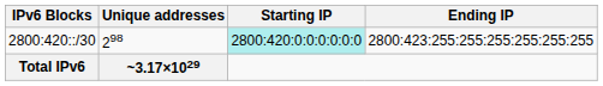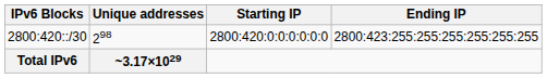 <table class="wikitable">
 <tr>
 <th>IPv6 Blocks</th>
 <th>Unique addresses</th>
 <th>Starting IP</th>
 <th>Ending IP</th>
 </tr>
 <tr>
 <td>2800:420::/30</td>
 <td>2<sup>98</sup></td>
-<td style="background: paleturquoise;">2800:420:0:0:0:0:0:0</td>
+<td>2800:420:0:0:0:0:0:0</td>
 <td>2800:423:255:255:255:255:255:255</td>
 </tr>
 <tr>
 <th>Total IPv6</th>
 <th>~3.17×10<sup>29</sup></th>
 </tr>
 </table>
